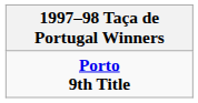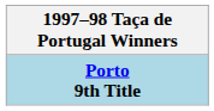 <table class="wikitable" style="text-align: center; margin: 0 auto; width: 20%">
 <tr>
 <th>1997–98 Taça de Portugal Winners</th>
 </tr>
 <tr>
-<td><strong><a href='#'>Porto</a></strong><br><strong>9th Title</strong></td>
+<td style="background: lightblue;"><strong><a href='#'>Porto</a></strong><br><strong>9th Title</strong></td>
 </tr>
 </table>
